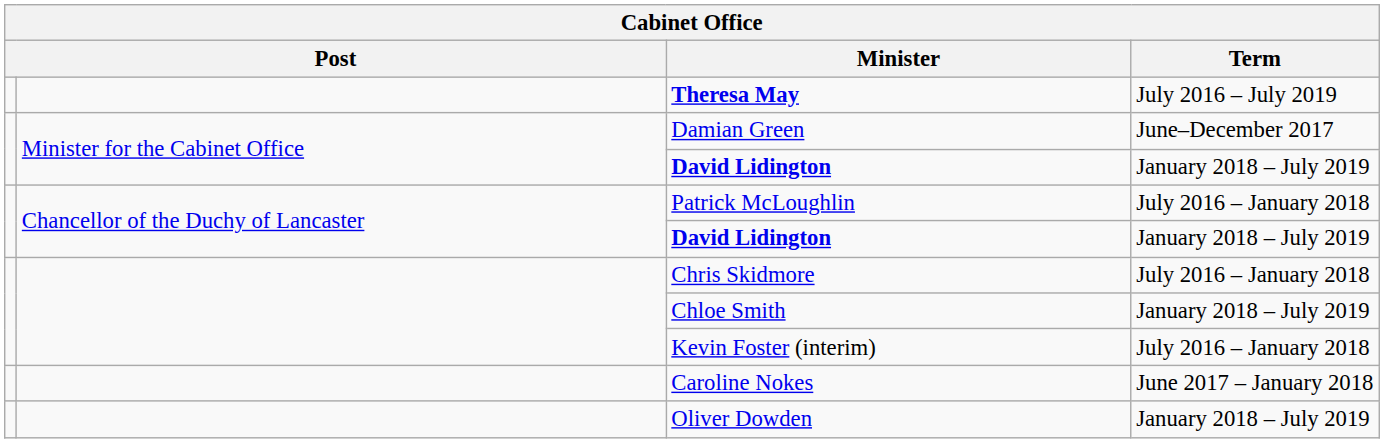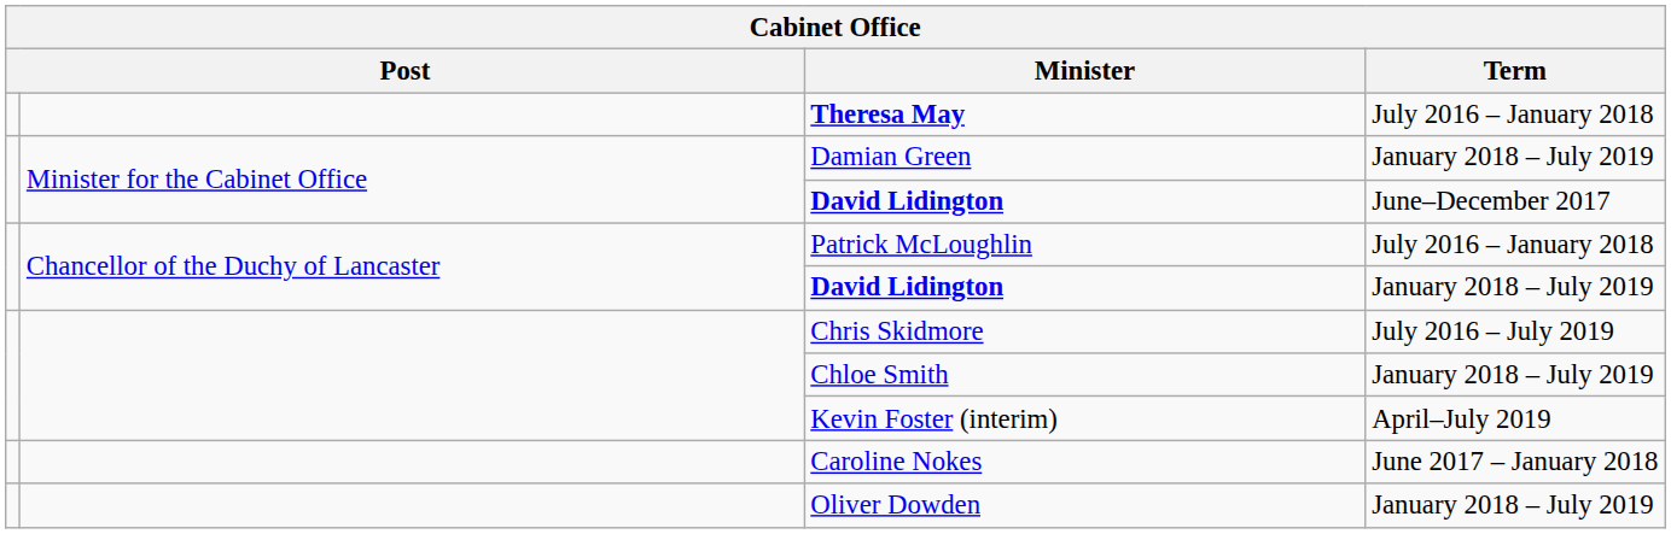 <table class="wikitable">
 <tr>
 <th colspan="5">Cabinet Office</th>
 </tr>
 <tr>
 <th colspan="2">Post</th>
 <th>Minister</th>
 <th>Term</th>
 </tr>
 <tr>
 <td style="width: 1px; background: "></td>
 <td style="width: 450px;"></td>
 <td style="width: 320px;"><strong><a href='#'>Theresa May</a></strong></td>
-<td>July 2016 – July 2019</td>
+<td>July 2016 – January 2018</td>
 </tr>
 <tr>
 <td rowspan="2" style="width: 1px; background: "></td>
 <td rowspan="2"><a href='#'>Minister for the Cabinet Office</a></td>
 <td><a href='#'>Damian Green</a></td>
-<td>June–December 2017</td>
+<td>January 2018 – July 2019</td>
 </tr>
 <tr>
 <td><strong><a href='#'>David Lidington</a></strong><br></td>
-<td>January 2018 – July 2019</td>
+<td>June–December 2017</td>
 </tr>
 <tr>
 <td rowspan="2" style="width: 1px; background: "></td>
 <td rowspan="2"><a href='#'>Chancellor of the Duchy of Lancaster</a></td>
 <td><a href='#'>Patrick McLoughlin</a> <br></td>
 <td>July 2016 – January 2018</td>
 </tr>
 <tr>
 <td><strong><a href='#'>David Lidington</a></strong><br></td>
 <td>January 2018 – July 2019</td>
 </tr>
 <tr>
 <td rowspan="3" style="width: 1px; background: "></td>
 <td rowspan="3"></td>
 <td><a href='#'>Chris Skidmore</a></td>
-<td>July 2016 – January 2018</td>
+<td>July 2016 – July 2019</td>
 </tr>
 <tr>
 <td><a href='#'>Chloe Smith</a></td>
 <td>January 2018 – July 2019</td>
 </tr>
 <tr>
 <td><a href='#'>Kevin Foster</a> (interim)<br></td>
-<td>July 2016 – January 2018</td>
+<td>April–July 2019</td>
 </tr>
 <tr>
 <td style="width: 1px; background: "></td>
 <td></td>
 <td><a href='#'>Caroline Nokes</a></td>
 <td>June 2017 – January 2018</td>
 </tr>
 <tr>
 <td style="width: 1px; background: "></td>
 <td></td>
 <td><a href='#'>Oliver Dowden</a></td>
 <td>January 2018 – July 2019</td>
 </tr>
 </table>
